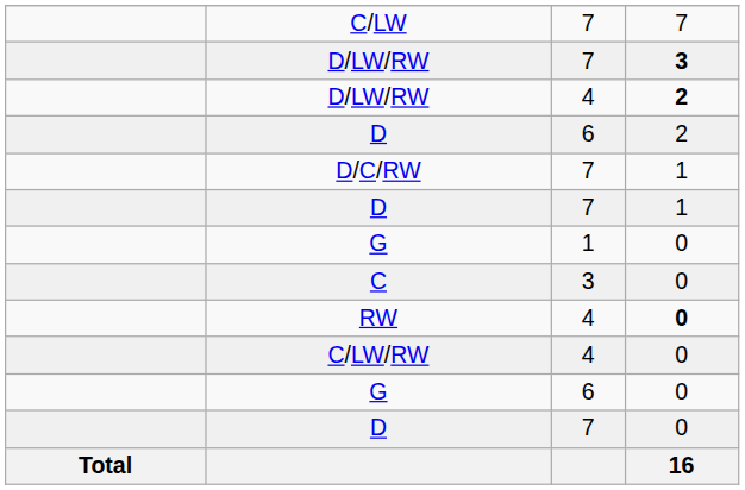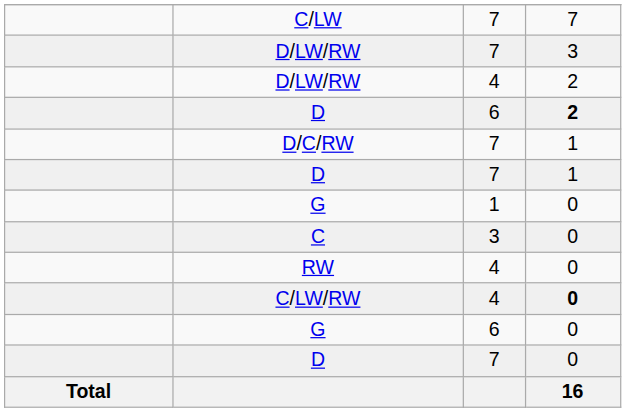 <table class="wikitable sortable" width ="40%">
 <tr align="center">
 </tr>
 <tr align="center" bgcolor="">
 <td></td>
 <td><a href='#'>C</a>/<a href='#'>LW</a></td>
 <td>7</td>
 <td>7</td>
 </tr>
 <tr align="center" bgcolor="f0f0f0">
 <td></td>
 <td><a href='#'>D</a>/<a href='#'>LW</a>/<a href='#'>RW</a></td>
 <td>7</td>
-<td><strong>3</strong></td>
+<td>3</td>
 </tr>
 <tr align="center" bgcolor="">
 <td></td>
 <td><a href='#'>D</a>/<a href='#'>LW</a>/<a href='#'>RW</a></td>
 <td>4</td>
-<td><strong>2</strong></td>
+<td>2</td>
 </tr>
 <tr align="center" bgcolor="f0f0f0">
 <td></td>
 <td><a href='#'>D</a></td>
 <td>6</td>
-<td>2</td>
+<td><strong>2</strong></td>
 </tr>
 <tr align="center" bgcolor="">
 <td></td>
 <td><a href='#'>D</a>/<a href='#'>C</a>/<a href='#'>RW</a></td>
 <td>7</td>
 <td>1</td>
 </tr>
 <tr align="center" bgcolor="f0f0f0">
 <td></td>
 <td><a href='#'>D</a></td>
 <td>7</td>
 <td>1</td>
 </tr>
 <tr align="center" bgcolor="">
 <td></td>
 <td><a href='#'>G</a></td>
 <td>1</td>
 <td>0</td>
 </tr>
 <tr align="center" bgcolor="f0f0f0">
 <td></td>
 <td><a href='#'>C</a></td>
 <td>3</td>
 <td>0</td>
 </tr>
 <tr align="center" bgcolor="">
 <td></td>
 <td><a href='#'>RW</a></td>
 <td>4</td>
-<td><strong>0</strong></td>
+<td>0</td>
 </tr>
 <tr align="center" bgcolor="f0f0f0">
 <td></td>
 <td><a href='#'>C</a>/<a href='#'>LW</a>/<a href='#'>RW</a></td>
 <td>4</td>
-<td>0</td>
+<td><strong>0</strong></td>
 </tr>
 <tr align="center" bgcolor="">
 <td></td>
 <td><a href='#'>G</a></td>
 <td>6</td>
 <td>0</td>
 </tr>
 <tr align="center" bgcolor="f0f0f0">
 <td></td>
 <td><a href='#'>D</a></td>
 <td>7</td>
 <td>0</td>
 </tr>
 <tr>
 <th>Total</th>
 <th></th>
 <th></th>
 <th>16</th>
 </tr>
 </table>
